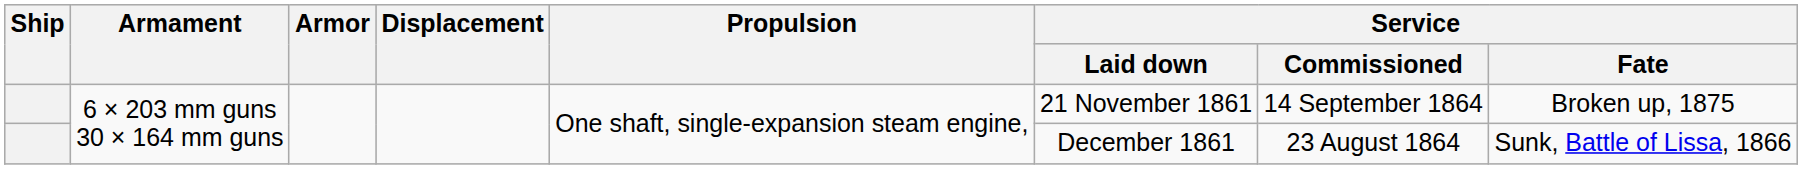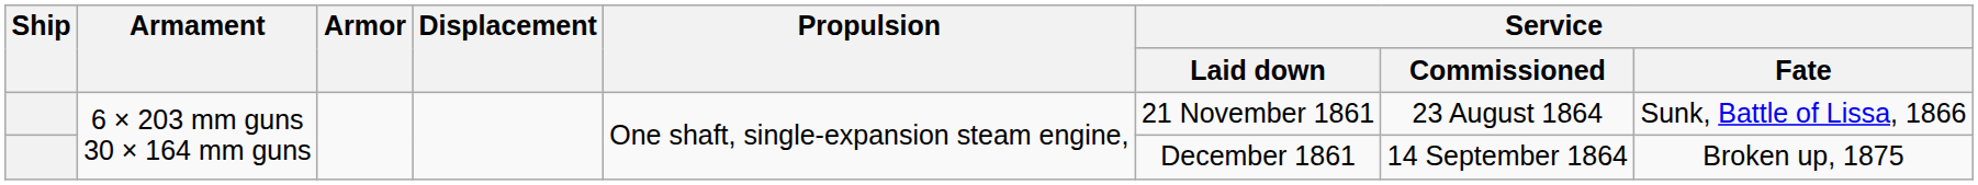 <table class="wikitable plainrowheaders" style="text-align: center;">
 <tr valign="top">
 <th scope="col" rowspan="2">Ship</th>
 <th scope="col" rowspan="2">Armament</th>
 <th scope="col" rowspan="2">Armor</th>
 <th scope="col" rowspan="2">Displacement</th>
 <th scope="col" rowspan="2">Propulsion</th>
 <th scope="col" colspan="3">Service</th>
 </tr>
 <tr valign="top">
 <th scope="col">Laid down</th>
 <th scope="col">Commissioned</th>
 <th scope="col">Fate</th>
 </tr>
 <tr valign="center">
 <th scope="row"></th>
 <td rowspan="2">6 × 203 mm guns<br>30 × 164 mm guns</td>
 <td rowspan="2"></td>
 <td rowspan="2"></td>
 <td rowspan="2">One shaft, single-expansion steam engine, </td>
 <td>21 November 1861</td>
-<td>14 September 1864</td>
-<td>Broken up, 1875</td>
+<td>23 August 1864</td>
+<td>Sunk, <a href='#'>Battle of Lissa</a>, 1866</td>
 </tr>
 <tr valign="center">
 <th scope="row"></th>
 <td>December 1861</td>
-<td>23 August 1864</td>
-<td>Sunk, <a href='#'>Battle of Lissa</a>, 1866</td>
+<td>14 September 1864</td>
+<td>Broken up, 1875</td>
 </tr>
 </table>
